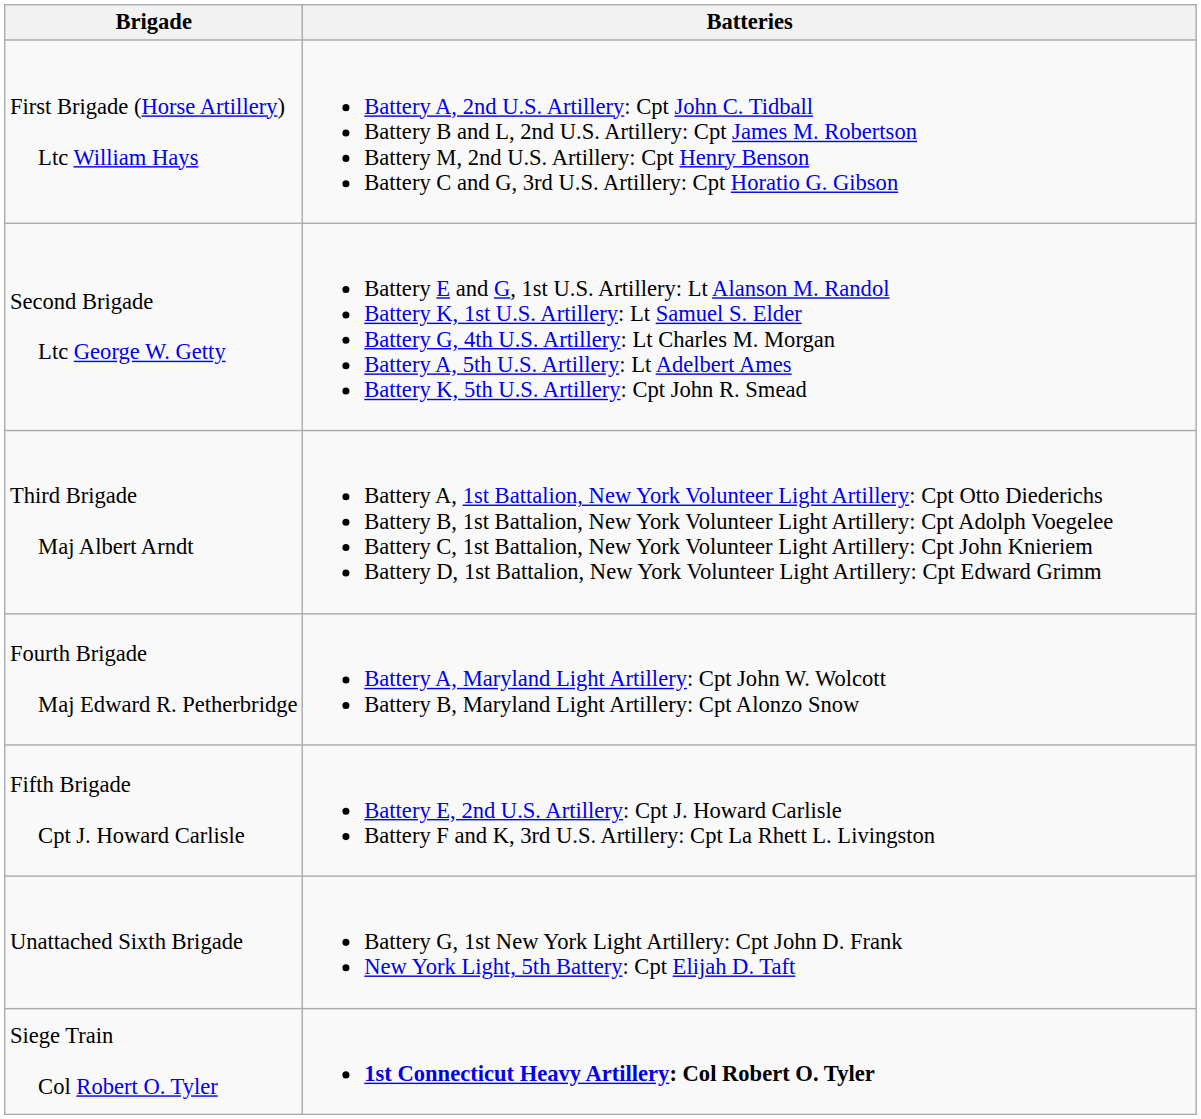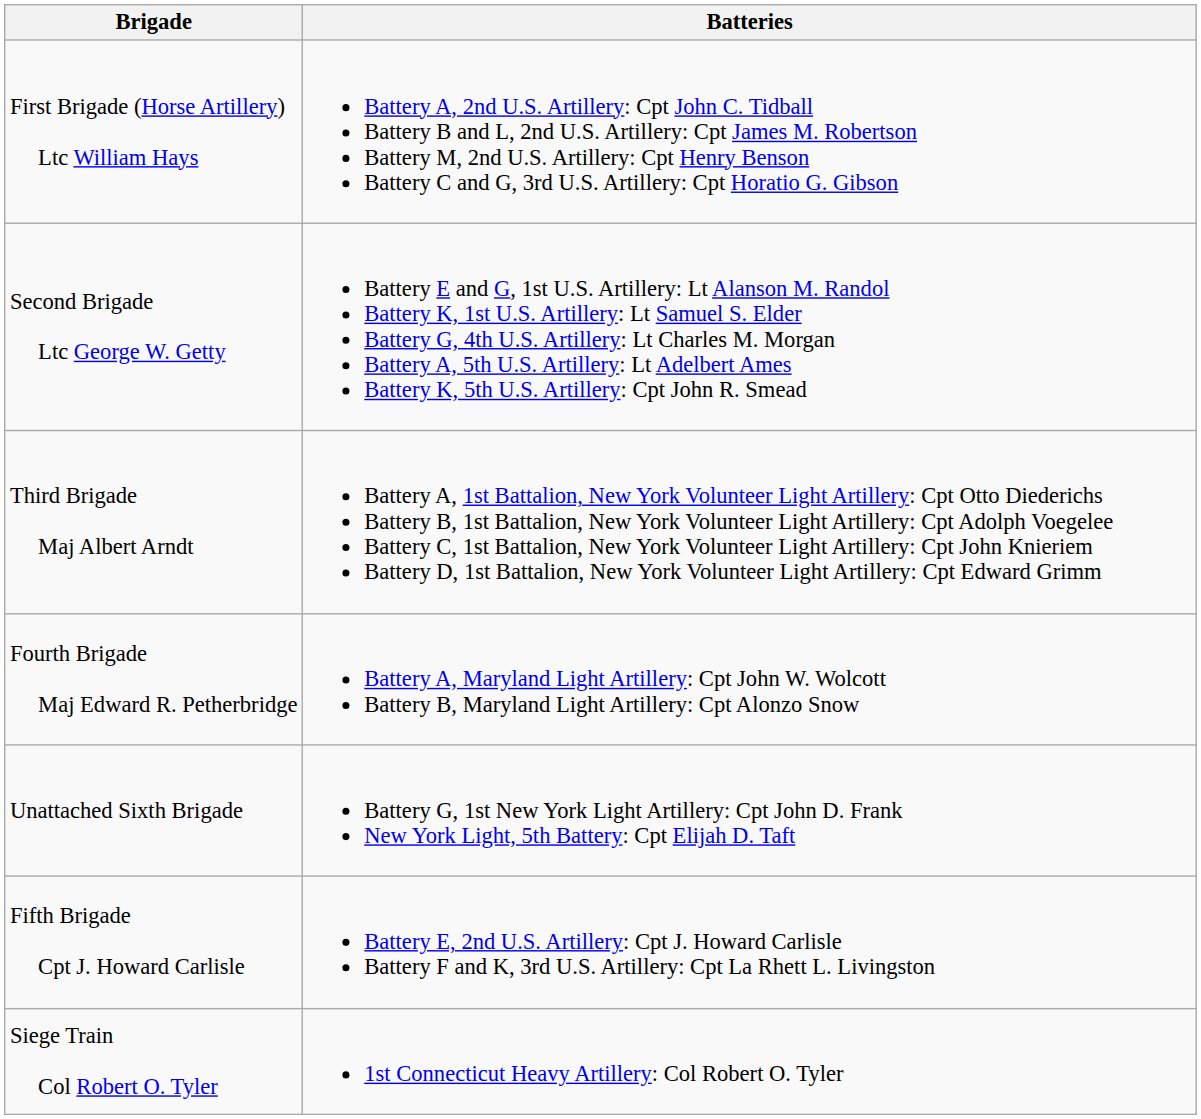 <table class="wikitable">
 <tr>
 <th width=25%>Brigade</th>
 <th>Batteries</th>
 </tr>
 <tr>
 <td>First Brigade (<a href='#'>Horse Artillery</a>)<br><br>     Ltc <a href='#'>William Hays</a></td>
 <td><br><ul><li><a href='#'>Battery A, 2nd U.S. Artillery</a>: Cpt <a href='#'>John C. Tidball</a></li><li>Battery B and L, 2nd U.S. Artillery: Cpt <a href='#'>James M. Robertson</a></li><li>Battery M, 2nd U.S. Artillery: Cpt <a href='#'>Henry Benson</a></li><li>Battery C and G, 3rd U.S. Artillery: Cpt <a href='#'>Horatio G. Gibson</a></li></ul></td>
 </tr>
 <tr>
 <td>Second Brigade<br><br>     Ltc <a href='#'>George W. Getty</a></td>
 <td><br><ul><li>Battery <a href='#'>E</a> and <a href='#'>G</a>, 1st U.S. Artillery: Lt <a href='#'>Alanson M. Randol</a></li><li><a href='#'>Battery K, 1st U.S. Artillery</a>: Lt <a href='#'>Samuel S. Elder</a></li><li><a href='#'>Battery G, 4th U.S. Artillery</a>: Lt Charles M. Morgan</li><li><a href='#'>Battery A, 5th U.S. Artillery</a>: Lt <a href='#'>Adelbert Ames</a></li><li><a href='#'>Battery K, 5th U.S. Artillery</a>: Cpt John R. Smead</li></ul></td>
 </tr>
 <tr>
 <td>Third Brigade<br><br>     Maj Albert Arndt</td>
 <td><br><ul><li>Battery A, <a href='#'>1st Battalion, New York Volunteer Light Artillery</a>: Cpt Otto Diederichs</li><li>Battery B, 1st Battalion, New York Volunteer Light Artillery: Cpt Adolph Voegelee</li><li>Battery C, 1st Battalion, New York Volunteer Light Artillery: Cpt John Knieriem</li><li>Battery D, 1st Battalion, New York Volunteer Light Artillery: Cpt Edward Grimm</li></ul></td>
 </tr>
 <tr>
 <td>Fourth Brigade<br><br>     Maj Edward R. Petherbridge</td>
 <td><br><ul><li><a href='#'>Battery A, Maryland Light Artillery</a>: Cpt John W. Wolcott</li><li>Battery B, Maryland Light Artillery: Cpt Alonzo Snow</li></ul></td>
 </tr>
 <tr>
+<td>Unattached Sixth Brigade</td>
+<td><br><ul><li>Battery G, 1st New York Light Artillery: Cpt John D. Frank</li><li><a href='#'>New York Light, 5th Battery</a>: Cpt <a href='#'>Elijah D. Taft</a></li></ul></td>
+</tr>
+<tr>
 <td>Fifth Brigade<br><br>     Cpt J. Howard Carlisle</td>
 <td><br><ul><li><a href='#'>Battery E, 2nd U.S. Artillery</a>: Cpt J. Howard Carlisle</li><li>Battery F and K, 3rd U.S. Artillery: Cpt La Rhett L. Livingston</li></ul></td>
 </tr>
 <tr>
-<td>Unattached Sixth Brigade</td>
-<td><br><ul><li>Battery G, 1st New York Light Artillery: Cpt John D. Frank</li><li><a href='#'>New York Light, 5th Battery</a>: Cpt <a href='#'>Elijah D. Taft</a></li></ul></td>
-</tr>
-<tr>
 <td>Siege Train<br><br>     Col <a href='#'>Robert O. Tyler</a></td>
-<td><strong><br><ul><li><a href='#'>1st Connecticut Heavy Artillery</a>: Col Robert O. Tyler</li></ul></strong></td>
+<td><br><ul><li><a href='#'>1st Connecticut Heavy Artillery</a>: Col Robert O. Tyler</li></ul></td>
 </tr>
 </table>
